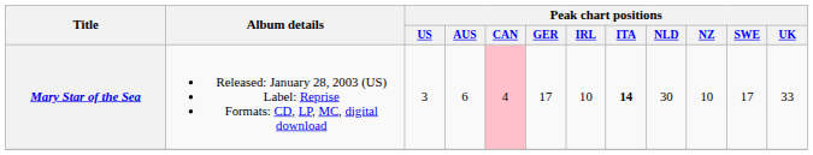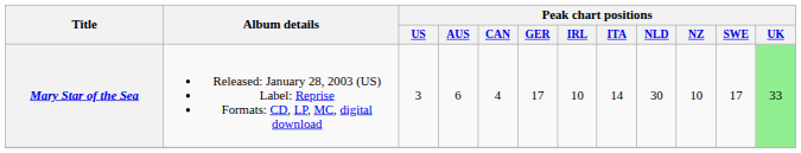 <table class="wikitable plainrowheaders" style="text-align:center;">
 <tr>
 <th scope="col" rowspan="2" style="width:12em;">Title</th>
 <th scope="col" rowspan="2" style="width:18em;">Album details</th>
 <th scope="col" colspan="10">Peak chart positions</th>
 </tr>
 <tr>
 <th scope="col" style="width:3em;font-size:90%;"><a href='#'>US</a><br></th>
 <th scope="col" style="width:3em;font-size:90%;"><a href='#'>AUS</a><br></th>
 <th scope="col" style="width:3em;font-size:90%;"><a href='#'>CAN</a><br></th>
 <th scope="col" style="width:3em;font-size:90%;"><a href='#'>GER</a><br></th>
 <th scope="col" style="width:3em;font-size:90%;"><a href='#'>IRL</a><br></th>
 <th scope="col" style="width:3em;font-size:90%;"><a href='#'>ITA</a><br></th>
 <th scope="col" style="width:3em;font-size:90%;"><a href='#'>NLD</a><br></th>
 <th scope="col" style="width:3em;font-size:90%;"><a href='#'>NZ</a><br></th>
 <th scope="col" style="width:3em;font-size:90%;"><a href='#'>SWE</a><br></th>
 <th scope="col" style="width:3em;font-size:90%;"><a href='#'>UK</a><br></th>
 </tr>
 <tr>
 <th scope="row"><em><a href='#'>Mary Star of the Sea</a></em></th>
 <td><br><ul><li>Released: January 28, 2003 <span>(US)</span></li><li>Label: <a href='#'>Reprise</a></li><li>Formats: <a href='#'>CD</a>, <a href='#'>LP</a>, <a href='#'>MC</a>, <a href='#'>digital download</a></li></ul></td>
 <td>3</td>
 <td>6</td>
-<td style="background: pink;">4</td>
+<td>4</td>
 <td>17</td>
 <td>10</td>
-<td><strong>14</strong></td>
+<td>14</td>
 <td>30</td>
 <td>10</td>
 <td>17</td>
-<td>33</td>
+<td style="background: lightgreen;">33</td>
 </tr>
 <tr>
 </tr>
 </table>
